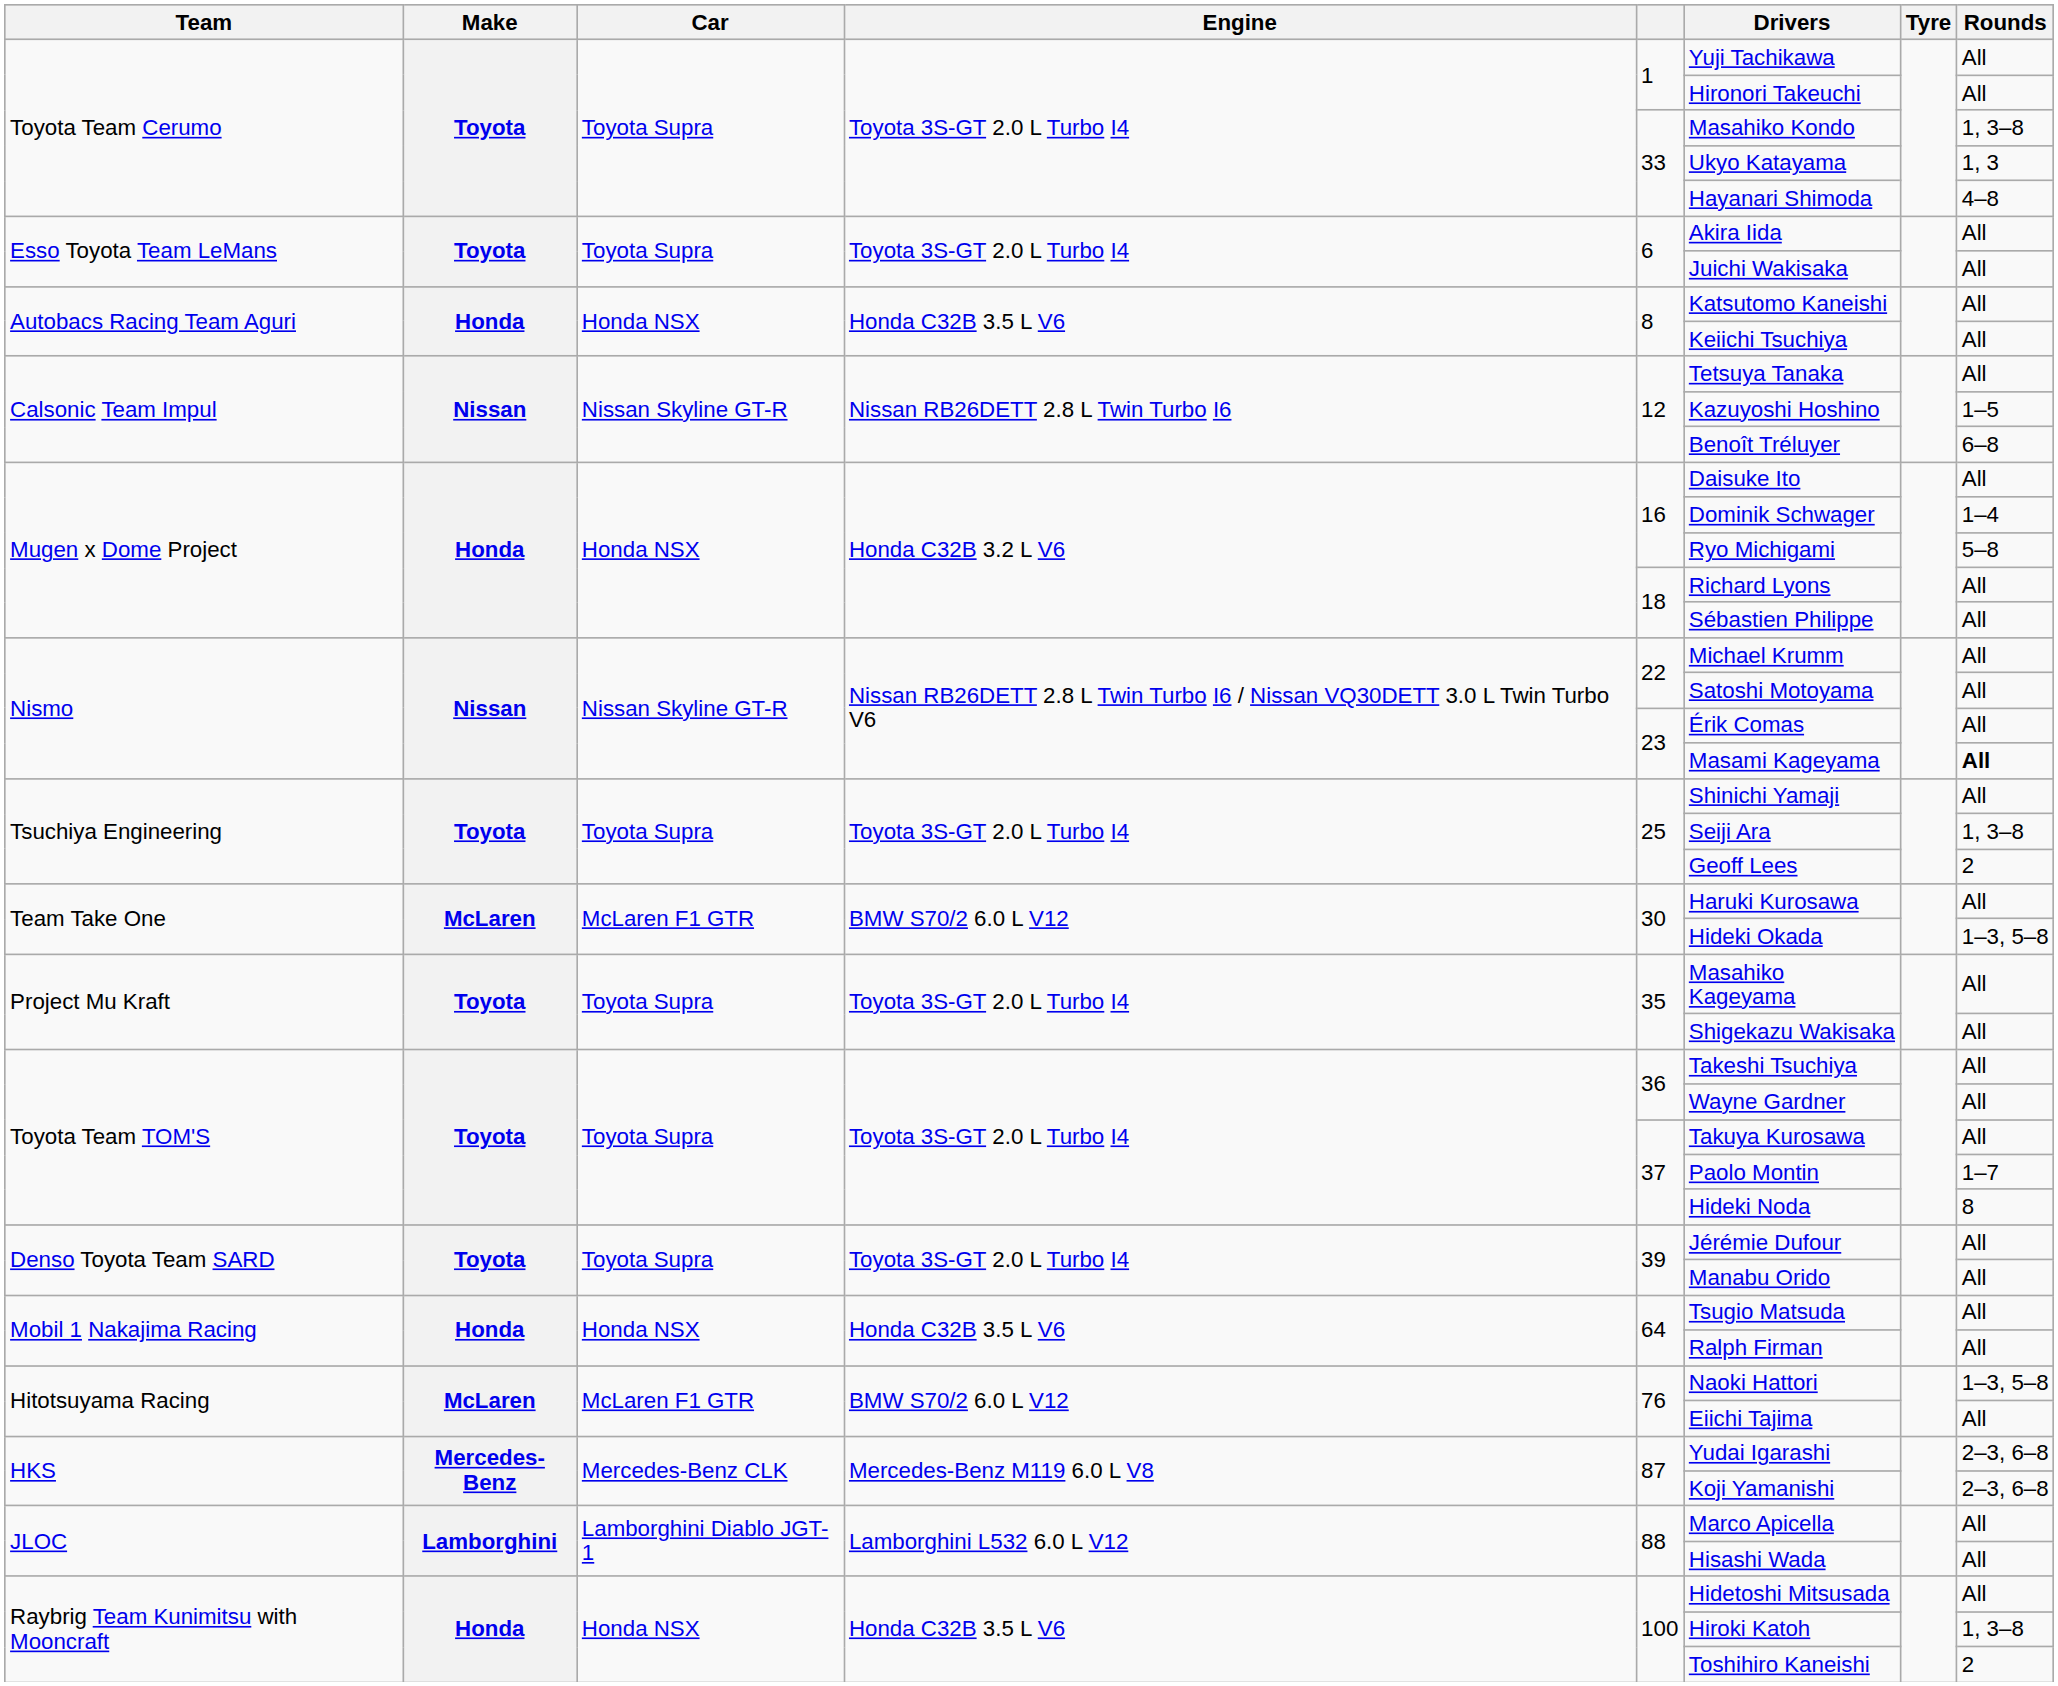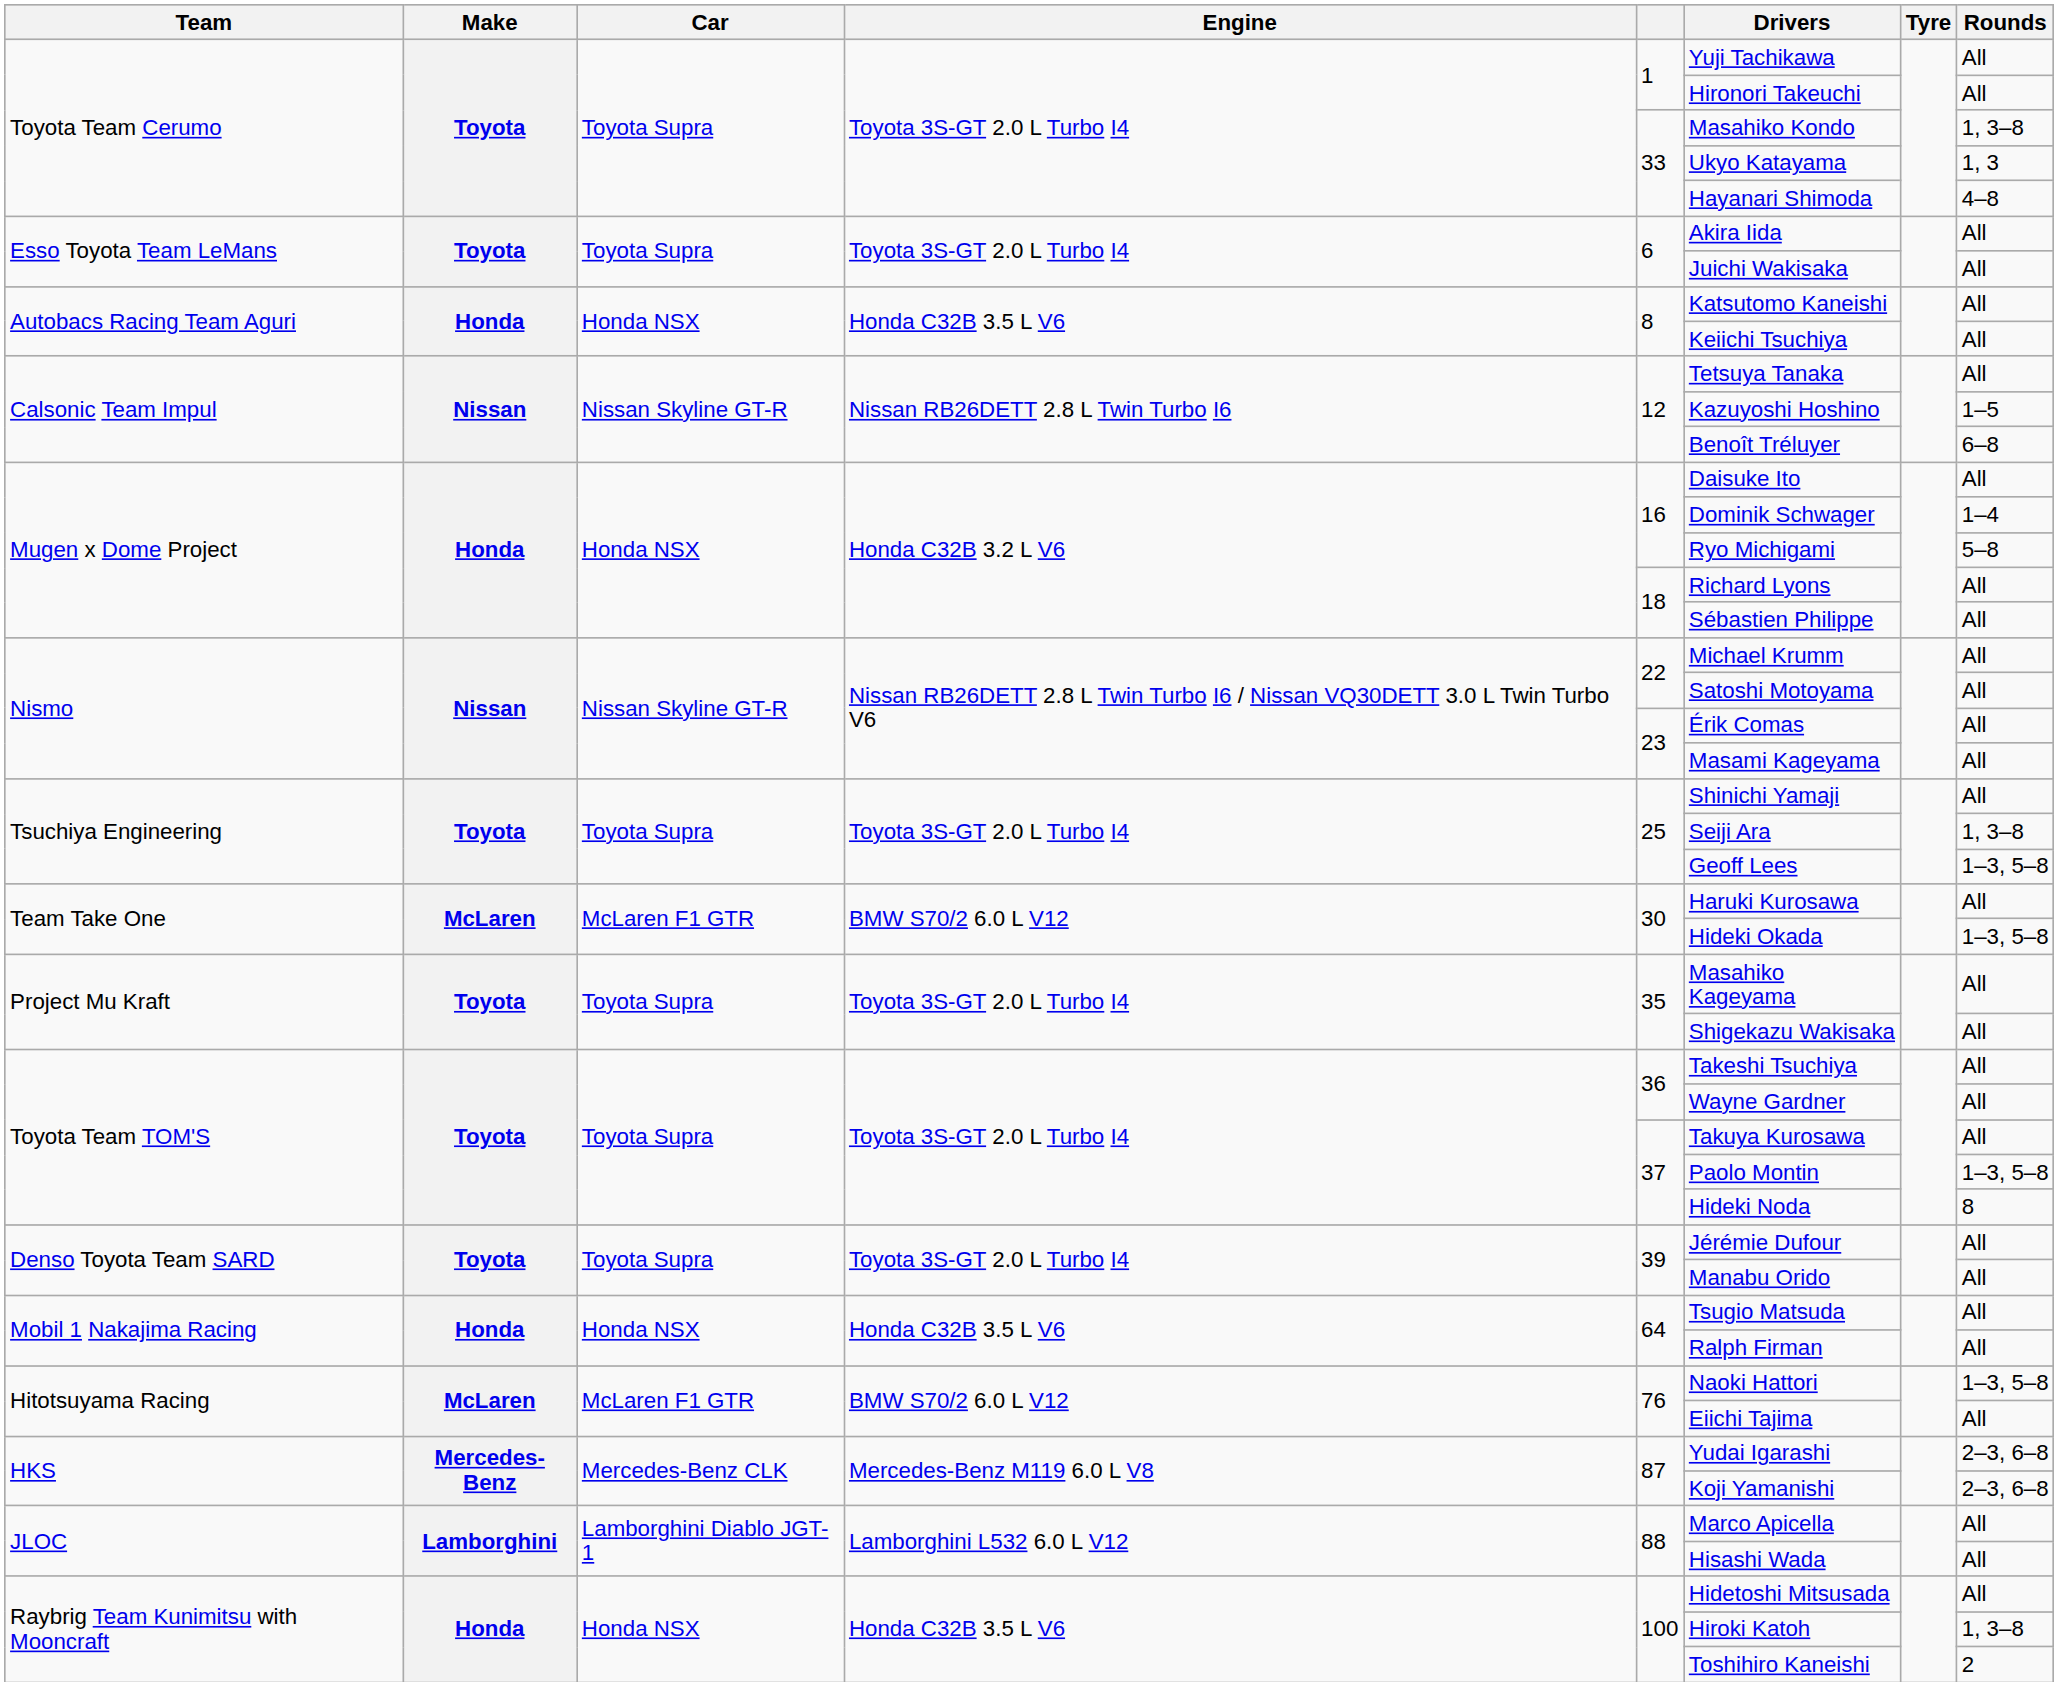 <table class="wikitable" style="font-size: 85%;">
 <tr>
 <th>Team</th>
 <th>Make</th>
 <th>Car</th>
 <th>Engine</th>
 <th></th>
 <th>Drivers</th>
 <th>Tyre</th>
 <th>Rounds</th>
 </tr>
 <tr>
 <td rowspan=5>Toyota Team <a href='#'>Cerumo</a></td>
 <th rowspan=5><a href='#'>Toyota</a></th>
 <td rowspan=5><a href='#'>Toyota Supra</a></td>
 <td rowspan=5><a href='#'>Toyota 3S-GT</a> 2.0 L <a href='#'>Turbo</a> <a href='#'>I4</a></td>
 <td rowspan=2>1</td>
 <td> <a href='#'>Yuji Tachikawa</a></td>
 <td rowspan=5 align="center"></td>
 <td>All</td>
 </tr>
 <tr>
 <td> <a href='#'>Hironori Takeuchi</a></td>
 <td>All</td>
 </tr>
 <tr>
 <td rowspan=3>33</td>
 <td> <a href='#'>Masahiko Kondo</a></td>
 <td>1, 3–8</td>
 </tr>
 <tr>
 <td> <a href='#'>Ukyo Katayama</a></td>
 <td>1, 3</td>
 </tr>
 <tr>
 <td> <a href='#'>Hayanari Shimoda</a></td>
 <td>4–8</td>
 </tr>
 <tr>
 <td rowspan=2><a href='#'>Esso</a> Toyota <a href='#'>Team LeMans</a></td>
 <th rowspan=2><a href='#'>Toyota</a></th>
 <td rowspan=2><a href='#'>Toyota Supra</a></td>
 <td rowspan=2><a href='#'>Toyota 3S-GT</a> 2.0 L <a href='#'>Turbo</a> <a href='#'>I4</a></td>
 <td rowspan=2>6</td>
 <td> <a href='#'>Akira Iida</a></td>
 <td rowspan=2 align="center"></td>
 <td>All</td>
 </tr>
 <tr>
 <td> <a href='#'>Juichi Wakisaka</a></td>
 <td>All</td>
 </tr>
 <tr>
 <td rowspan=2><a href='#'>Autobacs Racing Team Aguri</a></td>
 <th rowspan=2><a href='#'>Honda</a></th>
 <td rowspan=2><a href='#'>Honda NSX</a></td>
 <td rowspan=2><a href='#'>Honda C32B</a> 3.5 L <a href='#'>V6</a></td>
 <td rowspan=2>8</td>
 <td> <a href='#'>Katsutomo Kaneishi</a></td>
 <td rowspan=2 align="center"></td>
 <td>All</td>
 </tr>
 <tr>
 <td> <a href='#'>Keiichi Tsuchiya</a></td>
 <td>All</td>
 </tr>
 <tr>
 <td rowspan=3><a href='#'>Calsonic</a> <a href='#'>Team Impul</a></td>
 <th rowspan=3><a href='#'>Nissan</a></th>
 <td rowspan=3><a href='#'>Nissan Skyline GT-R</a></td>
 <td rowspan=3><a href='#'>Nissan RB26DETT</a> 2.8 L <a href='#'>Twin Turbo</a> <a href='#'>I6</a></td>
 <td rowspan=3>12</td>
 <td> <a href='#'>Tetsuya Tanaka</a></td>
 <td rowspan=3 align="center"></td>
 <td>All</td>
 </tr>
 <tr>
 <td> <a href='#'>Kazuyoshi Hoshino</a></td>
 <td>1–5</td>
 </tr>
 <tr>
 <td> <a href='#'>Benoît Tréluyer</a></td>
 <td>6–8</td>
 </tr>
 <tr>
 <td rowspan=5><a href='#'>Mugen</a> x <a href='#'>Dome</a> Project</td>
 <th rowspan=5><a href='#'>Honda</a></th>
 <td rowspan=5><a href='#'>Honda NSX</a></td>
 <td rowspan=5><a href='#'>Honda C32B</a> 3.2 L <a href='#'>V6</a></td>
 <td rowspan=3>16</td>
 <td> <a href='#'>Daisuke Ito</a></td>
 <td rowspan=5 align="center"></td>
 <td>All</td>
 </tr>
 <tr>
 <td> <a href='#'>Dominik Schwager</a></td>
 <td>1–4</td>
 </tr>
 <tr>
 <td> <a href='#'>Ryo Michigami</a></td>
 <td>5–8</td>
 </tr>
 <tr>
 <td rowspan=2>18</td>
 <td> <a href='#'>Richard Lyons</a></td>
 <td>All</td>
 </tr>
 <tr>
 <td> <a href='#'>Sébastien Philippe</a></td>
 <td>All</td>
 </tr>
 <tr>
 <td rowspan=4><a href='#'>Nismo</a></td>
 <th rowspan=4><a href='#'>Nissan</a></th>
 <td rowspan=4><a href='#'>Nissan Skyline GT-R</a></td>
 <td rowspan=4><a href='#'>Nissan RB26DETT</a> 2.8 L <a href='#'>Twin Turbo</a> <a href='#'>I6</a> / <a href='#'>Nissan VQ30DETT</a> 3.0 L Twin Turbo V6</td>
 <td rowspan=2>22</td>
 <td> <a href='#'>Michael Krumm</a></td>
 <td rowspan=4 align="center"></td>
 <td>All</td>
 </tr>
 <tr>
 <td> <a href='#'>Satoshi Motoyama</a></td>
 <td>All</td>
 </tr>
 <tr>
 <td rowspan=2>23</td>
 <td> <a href='#'>Érik Comas</a></td>
 <td>All</td>
 </tr>
 <tr>
 <td> <a href='#'>Masami Kageyama</a></td>
-<td><strong>All</strong></td>
+<td>All</td>
 </tr>
 <tr>
 <td rowspan=3>Tsuchiya Engineering</td>
 <th rowspan=3><a href='#'>Toyota</a></th>
 <td rowspan=3><a href='#'>Toyota Supra</a></td>
 <td rowspan=3><a href='#'>Toyota 3S-GT</a> 2.0 L <a href='#'>Turbo</a> <a href='#'>I4</a></td>
 <td rowspan=3>25</td>
 <td> <a href='#'>Shinichi Yamaji</a></td>
 <td rowspan=3 align="center"></td>
 <td>All</td>
 </tr>
 <tr>
 <td> <a href='#'>Seiji Ara</a></td>
 <td>1, 3–8</td>
 </tr>
 <tr>
 <td> <a href='#'>Geoff Lees</a></td>
-<td>2</td>
+<td>1–3, 5–8</td>
 </tr>
 <tr>
 <td rowspan=2>Team Take One</td>
 <th rowspan=2><a href='#'>McLaren</a></th>
 <td rowspan=2><a href='#'>McLaren F1 GTR</a></td>
 <td rowspan=2><a href='#'>BMW S70/2</a> 6.0 L <a href='#'>V12</a></td>
 <td rowspan=2>30</td>
 <td> <a href='#'>Haruki Kurosawa</a></td>
 <td rowspan=2 align="center"></td>
 <td>All</td>
 </tr>
 <tr>
 <td> <a href='#'>Hideki Okada</a></td>
 <td>1–3, 5–8</td>
 </tr>
 <tr>
 <td rowspan=2>Project Mu Kraft</td>
 <th rowspan=2><a href='#'>Toyota</a></th>
 <td rowspan=2><a href='#'>Toyota Supra</a></td>
 <td rowspan=2><a href='#'>Toyota 3S-GT</a> 2.0 L <a href='#'>Turbo</a> <a href='#'>I4</a></td>
 <td rowspan=2>35</td>
 <td> <a href='#'>Masahiko Kageyama</a></td>
 <td rowspan=2 align="center"></td>
 <td>All</td>
 </tr>
 <tr>
 <td> <a href='#'>Shigekazu Wakisaka</a></td>
 <td>All</td>
 </tr>
 <tr>
 <td rowspan=5>Toyota Team <a href='#'>TOM'S</a></td>
 <th rowspan=5><a href='#'>Toyota</a></th>
 <td rowspan=5><a href='#'>Toyota Supra</a></td>
 <td rowspan=5><a href='#'>Toyota 3S-GT</a> 2.0 L <a href='#'>Turbo</a> <a href='#'>I4</a></td>
 <td rowspan=2>36</td>
 <td> <a href='#'>Takeshi Tsuchiya</a></td>
 <td rowspan=5 align="center"></td>
 <td>All</td>
 </tr>
 <tr>
 <td> <a href='#'>Wayne Gardner</a></td>
 <td>All</td>
 </tr>
 <tr>
 <td rowspan=3>37</td>
 <td> <a href='#'>Takuya Kurosawa</a></td>
 <td>All</td>
 </tr>
 <tr>
 <td> <a href='#'>Paolo Montin</a></td>
-<td>1–7</td>
+<td>1–3, 5–8</td>
 </tr>
 <tr>
 <td> <a href='#'>Hideki Noda</a></td>
 <td>8</td>
 </tr>
 <tr>
 <td rowspan=2><a href='#'>Denso</a> Toyota Team <a href='#'>SARD</a></td>
 <th rowspan=2><a href='#'>Toyota</a></th>
 <td rowspan=2><a href='#'>Toyota Supra</a></td>
 <td rowspan=2><a href='#'>Toyota 3S-GT</a> 2.0 L <a href='#'>Turbo</a> <a href='#'>I4</a></td>
 <td rowspan=2>39</td>
 <td> <a href='#'>Jérémie Dufour</a></td>
 <td rowspan=2 align="center"></td>
 <td>All</td>
 </tr>
 <tr>
 <td> <a href='#'>Manabu Orido</a></td>
 <td>All</td>
 </tr>
 <tr>
 <td rowspan=2><a href='#'>Mobil 1</a> <a href='#'>Nakajima Racing</a></td>
 <th rowspan=2><a href='#'>Honda</a></th>
 <td rowspan=2><a href='#'>Honda NSX</a></td>
 <td rowspan=2><a href='#'>Honda C32B</a> 3.5 L <a href='#'>V6</a></td>
 <td rowspan=2>64</td>
 <td> <a href='#'>Tsugio Matsuda</a></td>
 <td rowspan=2 align="center"></td>
 <td>All</td>
 </tr>
 <tr>
 <td> <a href='#'>Ralph Firman</a></td>
 <td>All</td>
 </tr>
 <tr>
 <td rowspan=2>Hitotsuyama Racing</td>
 <th rowspan=2><a href='#'>McLaren</a></th>
 <td rowspan=2><a href='#'>McLaren F1 GTR</a></td>
 <td rowspan=2><a href='#'>BMW S70/2</a> 6.0 L <a href='#'>V12</a></td>
 <td rowspan=2>76</td>
 <td> <a href='#'>Naoki Hattori</a></td>
 <td rowspan=2 align="center"></td>
 <td>1–3, 5–8</td>
 </tr>
 <tr>
 <td> <a href='#'>Eiichi Tajima</a></td>
 <td>All</td>
 </tr>
 <tr>
 <td rowspan=2><a href='#'>HKS</a></td>
 <th rowspan=2><a href='#'>Mercedes-Benz</a></th>
 <td rowspan=2><a href='#'>Mercedes-Benz CLK</a></td>
 <td rowspan=2><a href='#'>Mercedes-Benz M119</a> 6.0 L <a href='#'>V8</a></td>
 <td rowspan=2>87</td>
 <td> <a href='#'>Yudai Igarashi</a></td>
 <td rowspan=2 align="center"></td>
 <td>2–3, 6–8</td>
 </tr>
 <tr>
 <td> <a href='#'>Koji Yamanishi</a></td>
 <td>2–3, 6–8</td>
 </tr>
 <tr>
 <td rowspan=2><a href='#'>JLOC</a></td>
 <th rowspan=2><a href='#'>Lamborghini</a></th>
 <td rowspan=2><a href='#'>Lamborghini Diablo JGT-1</a></td>
 <td rowspan=2><a href='#'>Lamborghini L532</a> 6.0 L <a href='#'>V12</a></td>
 <td rowspan=2>88</td>
 <td> <a href='#'>Marco Apicella</a></td>
 <td rowspan=2 align="center"></td>
 <td>All</td>
 </tr>
 <tr>
 <td> <a href='#'>Hisashi Wada</a></td>
 <td>All</td>
 </tr>
 <tr>
 <td rowspan=3>Raybrig <a href='#'>Team Kunimitsu</a> with <a href='#'>Mooncraft</a></td>
 <th rowspan=3><a href='#'>Honda</a></th>
 <td rowspan=3><a href='#'>Honda NSX</a></td>
 <td rowspan=3><a href='#'>Honda C32B</a> 3.5 L <a href='#'>V6</a></td>
 <td rowspan=3>100</td>
 <td> <a href='#'>Hidetoshi Mitsusada</a></td>
 <td rowspan=3 align="center"></td>
 <td>All</td>
 </tr>
 <tr>
 <td> <a href='#'>Hiroki Katoh</a></td>
 <td>1, 3–8</td>
 </tr>
 <tr>
 <td> <a href='#'>Toshihiro Kaneishi</a></td>
 <td>2</td>
 </tr>
 </table>
